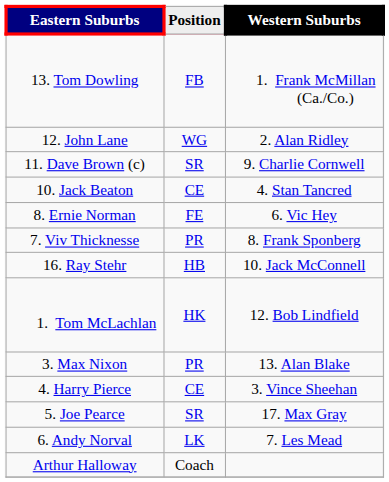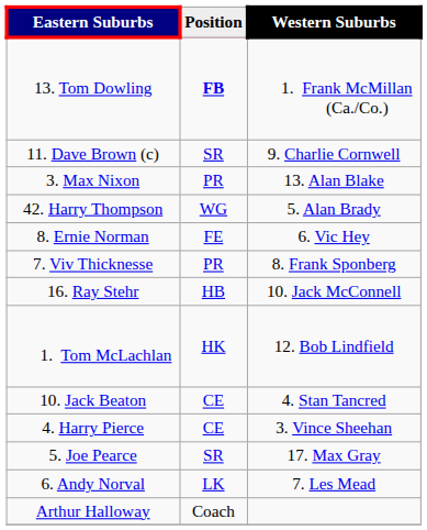 <table align="right" class="wikitable" style="font-size:90%; margin-left:1em">
 <tr bgcolor="#FF0033">
 <th style="width:140px; border:3px solid red; background: navy; color: white">Eastern Suburbs</th>
 <th style="width:40px; text-align:center; background:#eee; color:black;">Position</th>
 <th style="width:140px; border:3px solid black; background: black; color: white">Western Suburbs</th>
 </tr>
 <tr align=center>
 <td>13. <a href='#'>Tom Dowling</a></td>
-<td><a href='#'>FB</a></td>
+<td><strong><a href='#'>FB</a></strong></td>
 <td><br><ol><li><a href='#'>Frank McMillan</a> (Ca./Co.)</li></ol></td>
-</tr>
-<tr align=center>
-<td>12. <a href='#'>John Lane</a></td>
-<td><a href='#'>WG</a></td>
-<td>2. <a href='#'>Alan Ridley</a></td>
 </tr>
 <tr align=center>
 <td>11. <a href='#'>Dave Brown</a> (c)</td>
 <td><a href='#'>SR</a></td>
 <td>9. <a href='#'>Charlie Cornwell</a></td>
 </tr>
 <tr align=center>
-<td>10. <a href='#'>Jack Beaton</a></td>
-<td><a href='#'>CE</a></td>
-<td>4. <a href='#'>Stan Tancred</a></td>
+<td>3. <a href='#'>Max Nixon</a></td>
+<td><a href='#'>PR</a></td>
+<td>13. <a href='#'>Alan Blake</a></td>
+</tr>
+<tr align=center>
+<td>42. <a href='#'>Harry Thompson</a></td>
+<td><a href='#'>WG</a></td>
+<td>5. <a href='#'>Alan Brady</a></td>
 </tr>
 <tr align=center>
 <td>8. <a href='#'>Ernie Norman</a></td>
 <td><a href='#'>FE</a></td>
 <td>6. <a href='#'>Vic Hey</a></td>
 </tr>
 <tr align=center>
 <td>7. <a href='#'>Viv Thicknesse</a></td>
 <td><a href='#'>PR</a></td>
 <td>8. <a href='#'>Frank Sponberg</a></td>
 </tr>
 <tr align=center>
 <td>16. <a href='#'>Ray Stehr</a></td>
 <td><a href='#'>HB</a></td>
 <td>10. <a href='#'>Jack McConnell</a></td>
 </tr>
 <tr align=center>
 <td><br><ol><li><a href='#'>Tom McLachlan</a></li></ol></td>
 <td><a href='#'>HK</a></td>
 <td>12. <a href='#'>Bob Lindfield</a></td>
 </tr>
 <tr align=center>
-<td>3. <a href='#'>Max Nixon</a></td>
-<td><a href='#'>PR</a></td>
-<td>13. <a href='#'>Alan Blake</a></td>
+<td>10. <a href='#'>Jack Beaton</a></td>
+<td><a href='#'>CE</a></td>
+<td>4. <a href='#'>Stan Tancred</a></td>
 </tr>
 <tr align=center>
 <td>4. <a href='#'>Harry Pierce</a></td>
 <td><a href='#'>CE</a></td>
 <td>3. <a href='#'>Vince Sheehan</a></td>
 </tr>
 <tr align=center>
 <td>5. <a href='#'>Joe Pearce</a></td>
 <td><a href='#'>SR</a></td>
 <td>17. <a href='#'>Max Gray</a></td>
 </tr>
 <tr align=center>
 <td>6. <a href='#'>Andy Norval</a></td>
 <td><a href='#'>LK</a></td>
 <td>7. <a href='#'>Les Mead</a></td>
 </tr>
 <tr align=center>
 <td><a href='#'>Arthur Halloway</a></td>
 <td>Coach</td>
 <td></td>
 </tr>
 <tr>
 </tr>
 </table>
